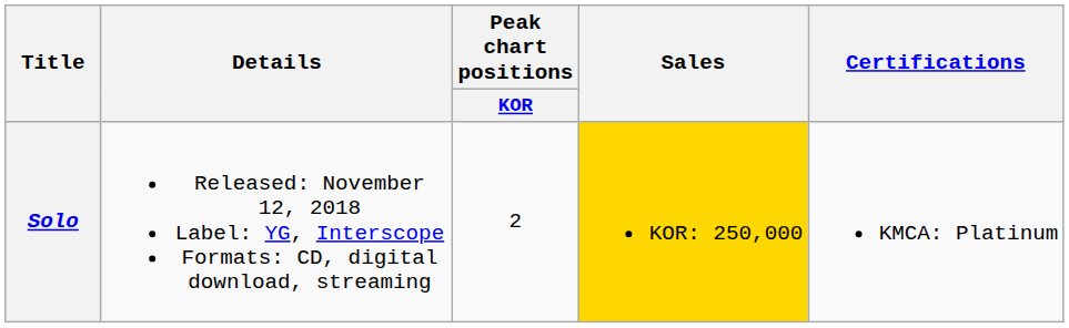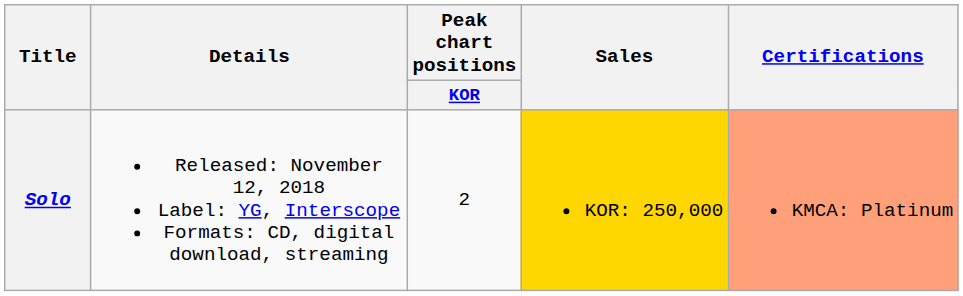 <table class="wikitable plainrowheaders" style="text-align:center">
 <tr>
 <th scope="col" rowspan="2" style="width:4em">Title</th>
 <th scope="col" rowspan="2" style="width:16em">Details</th>
 <th scope="col">Peak chart<br>positions</th>
 <th scope="col" rowspan="2">Sales</th>
 <th scope="col" rowspan="2"><a href='#'>Certifications</a></th>
 </tr>
 <tr>
 <th scope="col" style="width:2.75em;font-size:90%"><a href='#'>KOR</a><br></th>
 </tr>
 <tr>
 <th scope="row"><em><a href='#'>Solo</a></em></th>
 <td><br><ul><li>Released: November 12, 2018</li><li>Label: <a href='#'>YG</a>, <a href='#'>Interscope</a></li><li>Formats: CD, digital download, streaming</li></ul></td>
 <td>2</td>
 <td style="background: gold;"><br><ul><li>KOR: 250,000</li></ul></td>
-<td><br><ul><li>KMCA: Platinum</li></ul></td>
+<td style="background: lightsalmon;"><br><ul><li>KMCA: Platinum</li></ul></td>
 </tr>
 </table>
